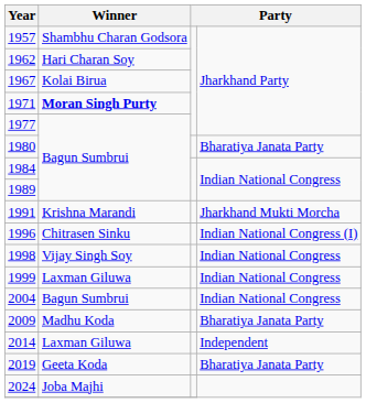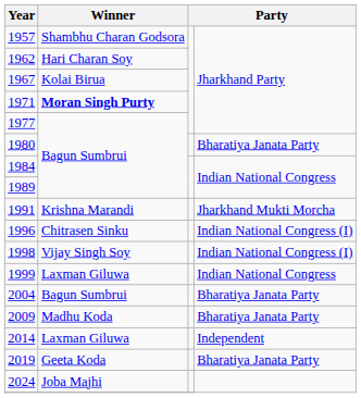 <table class="wikitable">
 <tr>
 <th>Year</th>
 <th>Winner</th>
 <th colspan="2">Party</th>
 </tr>
 <tr>
 <td><a href='#'>1957</a></td>
 <td><a href='#'>Shambhu Charan Godsora</a></td>
 <td rowspan="5" style="background-color: "></td>
 <td rowspan="5"><a href='#'>Jharkhand Party</a></td>
 </tr>
 <tr>
 <td><a href='#'>1962</a></td>
 <td><a href='#'>Hari Charan Soy</a></td>
 </tr>
 <tr>
 <td><a href='#'>1967</a></td>
 <td><a href='#'>Kolai Birua</a></td>
 </tr>
 <tr>
 <td><a href='#'>1971</a></td>
 <td><strong><a href='#'>Moran Singh Purty</a></strong></td>
 </tr>
 <tr>
 <td><a href='#'>1977</a></td>
 <td rowspan=4><a href='#'>Bagun Sumbrui</a></td>
 </tr>
 <tr>
 <td><a href='#'>1980</a></td>
 <td style="background-color: "></td>
 <td><a href='#'>Bharatiya Janata Party</a></td>
 </tr>
 <tr>
 <td><a href='#'>1984</a></td>
 <td rowspan="2" style="background-color: "></td>
 <td rowspan="2"><a href='#'>Indian National Congress</a></td>
 </tr>
 <tr>
 <td><a href='#'>1989</a></td>
 </tr>
 <tr>
 <td><a href='#'>1991</a></td>
 <td><a href='#'>Krishna Marandi</a></td>
 <td style="background-color: "></td>
 <td><a href='#'>Jharkhand Mukti Morcha</a></td>
 </tr>
 <tr>
 <td><a href='#'>1996</a></td>
 <td><a href='#'>Chitrasen Sinku</a></td>
 <td style="background-color: "></td>
 <td><a href='#'>Indian National Congress (I)</a></td>
 </tr>
 <tr>
 <td><a href='#'>1998</a></td>
 <td><a href='#'>Vijay Singh Soy</a></td>
 <td style="background-color: "></td>
-<td><a href='#'>Indian National Congress</a></td>
+<td><a href='#'>Indian National Congress (I)</a></td>
 </tr>
 <tr>
 <td><a href='#'>1999</a></td>
 <td><a href='#'>Laxman Giluwa</a></td>
 <td style="background-color: "></td>
 <td><a href='#'>Indian National Congress</a></td>
 </tr>
 <tr>
 <td><a href='#'>2004</a></td>
 <td><a href='#'>Bagun Sumbrui</a></td>
 <td style="background-color: "></td>
-<td><a href='#'>Indian National Congress</a></td>
+<td><a href='#'>Bharatiya Janata Party</a></td>
 </tr>
 <tr>
 <td><a href='#'>2009</a></td>
 <td><a href='#'>Madhu Koda</a></td>
 <td style="background-color: "></td>
 <td><a href='#'>Bharatiya Janata Party</a></td>
 </tr>
 <tr>
 <td><a href='#'>2014</a></td>
 <td><a href='#'>Laxman Giluwa</a></td>
 <td style="background-color: "></td>
 <td><a href='#'>Independent</a></td>
 </tr>
 <tr>
 <td><a href='#'>2019</a></td>
 <td><a href='#'>Geeta Koda</a></td>
 <td style="background-color: "></td>
 <td><a href='#'>Bharatiya Janata Party</a></td>
 </tr>
 <tr>
 <td><a href='#'>2024</a></td>
 <td><a href='#'>Joba Majhi</a></td>
 <td></td>
 </tr>
 <tr>
 </tr>
 </table>
